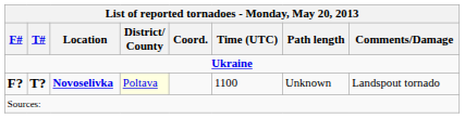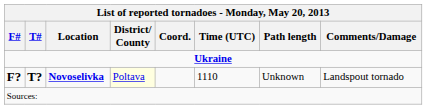 <table class="wikitable collapsible" width="100%">
 <tr>
 <th colspan="8">List of reported tornadoes - Monday, May 20, 2013</th>
 </tr>
 <tr>
 <th><a href='#'>F#</a></th>
 <th><a href='#'>T#</a></th>
 <th>Location</th>
 <th>District/<br>County</th>
 <th>Coord.</th>
 <th>Time (UTC)</th>
 <th>Path length</th>
 <th>Comments/Damage</th>
 </tr>
 <tr>
 <td colspan="8" align=center><strong><a href='#'>Ukraine</a></strong></td>
 </tr>
 <tr>
 <td><big><strong>F?</strong></big></td>
 <td><big><strong>T?</strong></big></td>
 <td><strong><a href='#'>Novoselivka</a></strong></td>
 <td style="background: lightyellow;"><a href='#'>Poltava</a></td>
 <td></td>
-<td>1100</td>
+<td>1110</td>
 <td>Unknown</td>
 <td>Landspout tornado</td>
 </tr>
 <tr>
 <td colspan="8"><small>Sources:  </small></td>
 </tr>
 </table>
